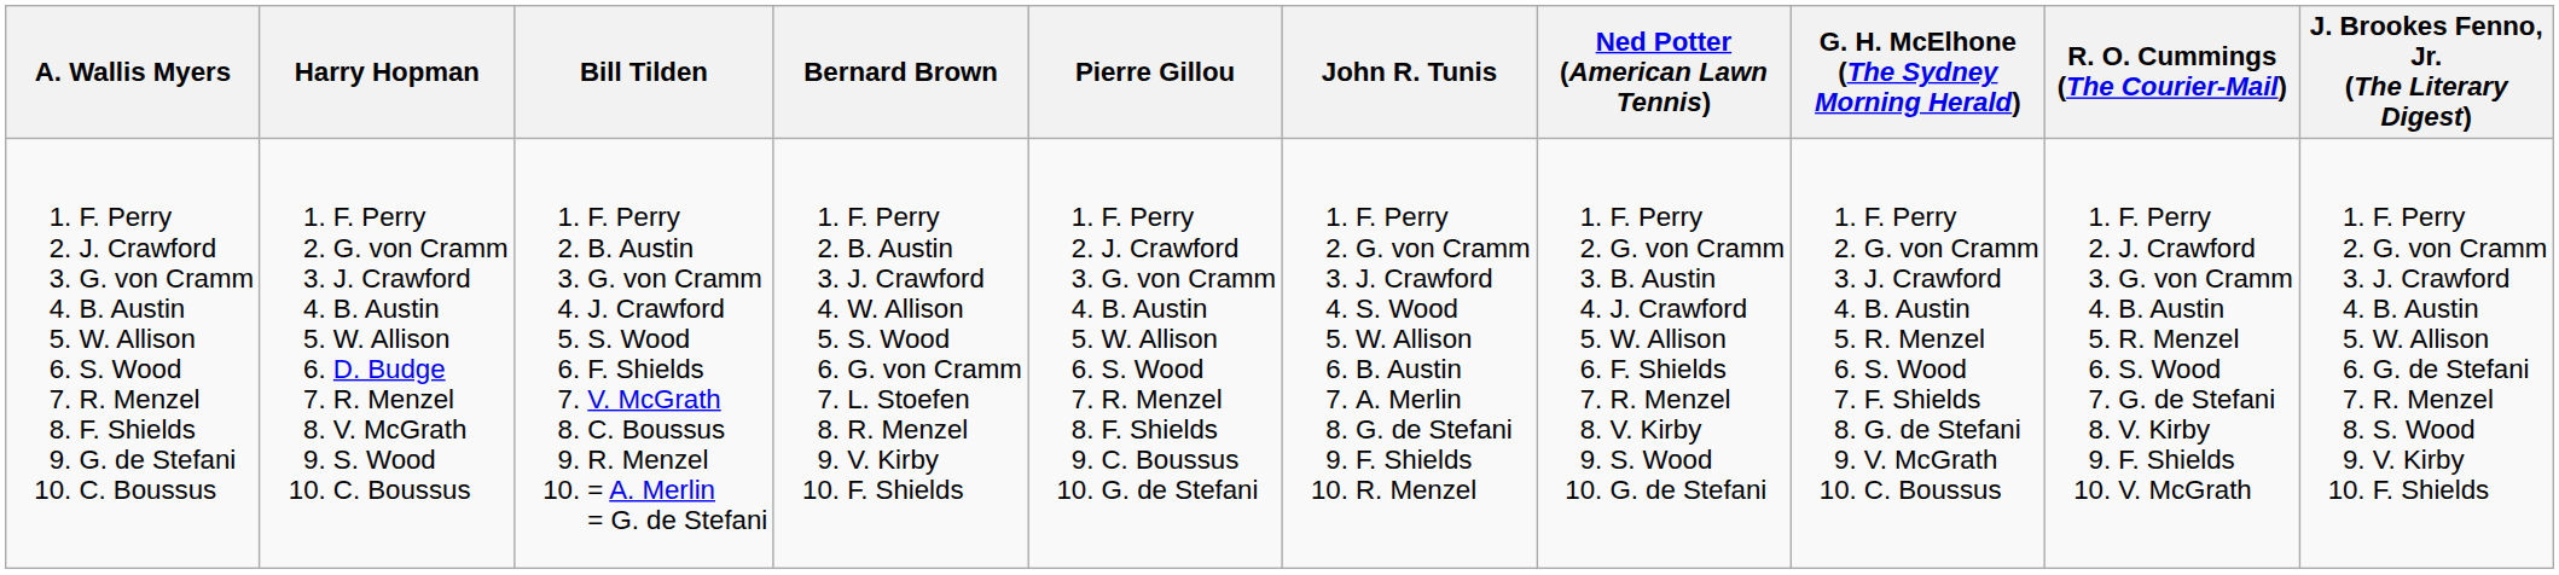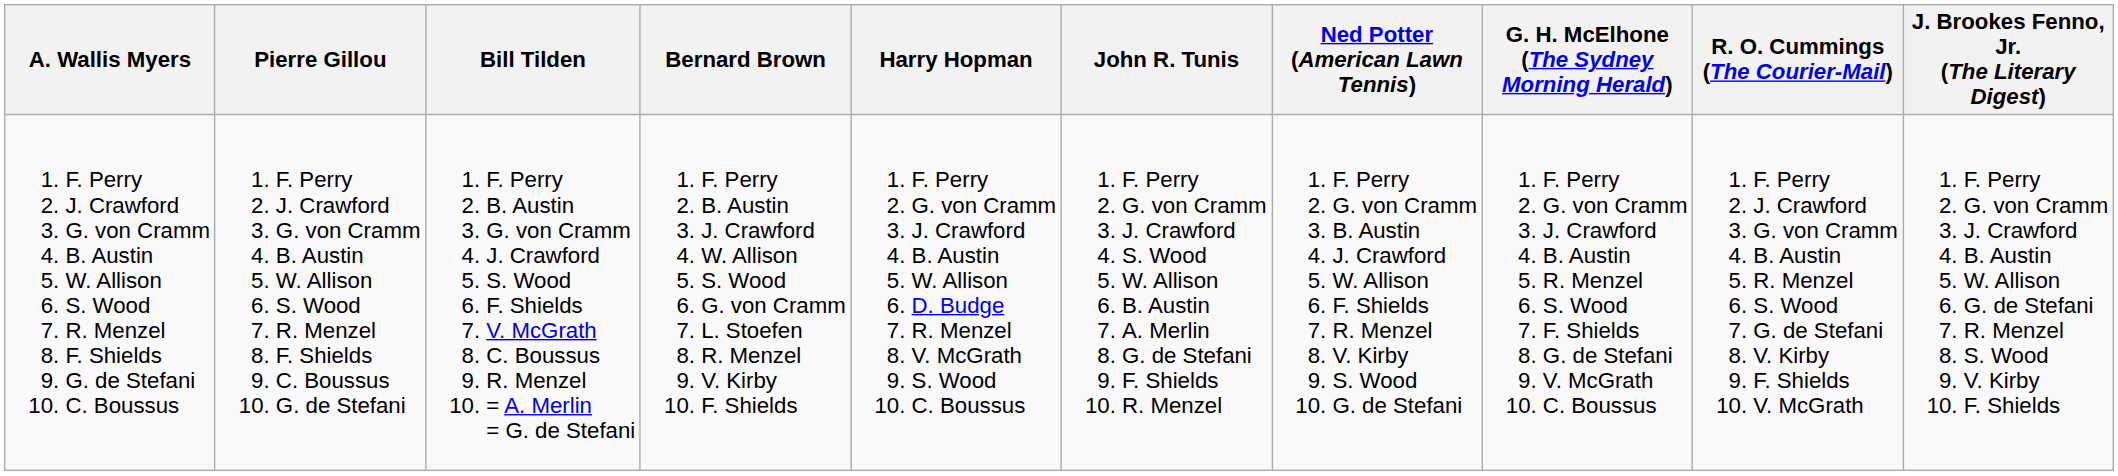 <table class="wikitable">
 <tr>
 <th>A. Wallis Myers</th>
-<th>Harry Hopman</th>
+<th>Pierre Gillou</th>
 <th>Bill Tilden</th>
 <th>Bernard Brown</th>
-<th>Pierre Gillou</th>
+<th>Harry Hopman</th>
 <th>John R. Tunis</th>
 <th><a href='#'>Ned Potter</a><br>(<em>American Lawn Tennis</em>)</th>
 <th>G. H. McElhone<br>(<em><a href='#'>The Sydney Morning Herald</a></em>)</th>
 <th>R. O. Cummings<br>(<em><a href='#'>The Courier-Mail</a></em>)</th>
 <th>J. Brookes Fenno, Jr.<br>(<em>The Literary Digest</em>)</th>
 </tr>
 <tr style="vertical-align: top;">
 <td style="white-space: nowrap;"><br><ol><li> F. Perry</li><li> J. Crawford</li><li> G. von Cramm</li><li> B. Austin</li><li> W. Allison</li><li> S. Wood</li><li> R. Menzel</li><li> F. Shields</li><li> G. de Stefani</li><li> C. Boussus</li></ol></td>
-<td style="white-space: nowrap;"><br><ol><li> F. Perry</li><li> G. von Cramm</li><li> J. Crawford</li><li> B. Austin</li><li> W. Allison</li><li> <a href='#'>D. Budge</a></li><li> R. Menzel</li><li> V. McGrath</li><li> S. Wood</li><li> C. Boussus</li></ol></td>
+<td style="white-space: nowrap;"><br><ol><li> F. Perry</li><li> J. Crawford</li><li> G. von Cramm</li><li> B. Austin</li><li> W. Allison</li><li> S. Wood</li><li> R. Menzel</li><li> F. Shields</li><li> C. Boussus</li><li> G. de Stefani</li></ol></td>
 <td style="white-space: nowrap;"><br><ol><li> F. Perry</li><li> B. Austin</li><li> G. von Cramm</li><li> J. Crawford</li><li> S. Wood</li><li> F. Shields</li><li> <a href='#'>V. McGrath</a></li><li> C. Boussus</li><li> R. Menzel</li><li>= <a href='#'>A. Merlin</a><br>= G. de Stefani</li></ol></td>
 <td style="white-space: nowrap;"><br><ol><li> F. Perry</li><li> B. Austin</li><li> J. Crawford</li><li> W. Allison</li><li> S. Wood</li><li> G. von Cramm</li><li> L. Stoefen</li><li> R. Menzel</li><li> V. Kirby</li><li> F. Shields</li></ol></td>
-<td style="white-space: nowrap;"><br><ol><li> F. Perry</li><li> J. Crawford</li><li> G. von Cramm</li><li> B. Austin</li><li> W. Allison</li><li> S. Wood</li><li> R. Menzel</li><li> F. Shields</li><li> C. Boussus</li><li> G. de Stefani</li></ol></td>
+<td style="white-space: nowrap;"><br><ol><li> F. Perry</li><li> G. von Cramm</li><li> J. Crawford</li><li> B. Austin</li><li> W. Allison</li><li> <a href='#'>D. Budge</a></li><li> R. Menzel</li><li> V. McGrath</li><li> S. Wood</li><li> C. Boussus</li></ol></td>
 <td style="white-space: nowrap;"><br><ol><li> F. Perry</li><li> G. von Cramm</li><li> J. Crawford</li><li> S. Wood</li><li> W. Allison</li><li> B. Austin</li><li> A. Merlin</li><li> G. de Stefani</li><li> F. Shields</li><li> R. Menzel</li></ol></td>
 <td style="white-space: nowrap;"><br><ol><li> F. Perry</li><li> G. von Cramm</li><li> B. Austin</li><li> J. Crawford</li><li> W. Allison</li><li> F. Shields</li><li> R. Menzel</li><li> V. Kirby</li><li> S. Wood</li><li> G. de Stefani</li></ol></td>
 <td style="white-space: nowrap;"><br><ol><li> F. Perry</li><li> G. von Cramm</li><li> J. Crawford</li><li> B. Austin</li><li> R. Menzel</li><li> S. Wood</li><li> F. Shields</li><li> G. de Stefani</li><li> V. McGrath</li><li> C. Boussus</li></ol></td>
 <td style="white-space: nowrap;"><br><ol><li> F. Perry</li><li> J. Crawford</li><li> G. von Cramm</li><li> B. Austin</li><li> R. Menzel</li><li> S. Wood</li><li> G. de Stefani</li><li> V. Kirby</li><li> F. Shields</li><li> V. McGrath</li></ol></td>
 <td style="white-space: nowrap;"><br><ol><li> F. Perry</li><li> G. von Cramm</li><li> J. Crawford</li><li> B. Austin</li><li> W. Allison</li><li> G. de Stefani</li><li> R. Menzel</li><li> S. Wood</li><li> V. Kirby</li><li> F. Shields</li></ol></td>
 </tr>
 </table>
